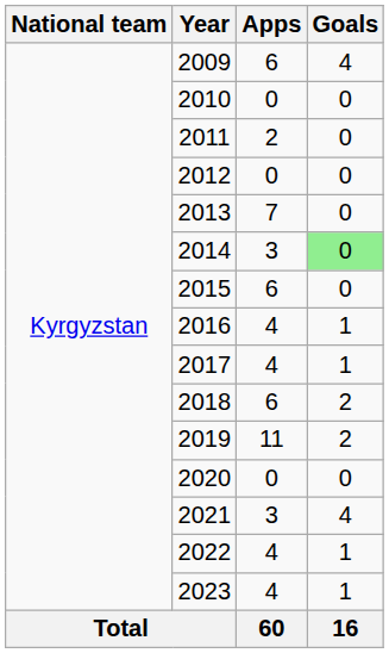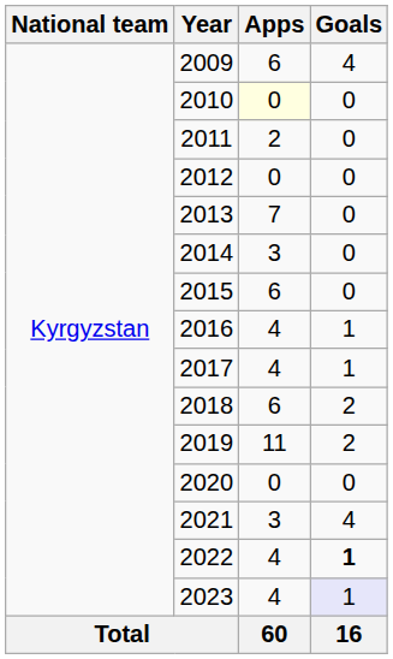 <table class="wikitable" style="text-align:center">
 <tr>
 <th>National team</th>
 <th>Year</th>
 <th>Apps</th>
 <th>Goals</th>
 </tr>
 <tr>
 <td rowspan="15"><a href='#'>Kyrgyzstan</a></td>
 <td>2009</td>
 <td>6</td>
 <td>4</td>
 </tr>
 <tr>
 <td>2010</td>
-<td>0</td>
+<td style="background: lightyellow;">0</td>
 <td>0</td>
 </tr>
 <tr>
 <td>2011</td>
 <td>2</td>
 <td>0</td>
 </tr>
 <tr>
 <td>2012</td>
 <td>0</td>
 <td>0</td>
 </tr>
 <tr>
 <td>2013</td>
 <td>7</td>
 <td>0</td>
 </tr>
 <tr>
 <td>2014</td>
 <td>3</td>
-<td style="background: lightgreen;">0</td>
+<td>0</td>
 </tr>
 <tr>
 <td>2015</td>
 <td>6</td>
 <td>0</td>
 </tr>
 <tr>
 <td>2016</td>
 <td>4</td>
 <td>1</td>
 </tr>
 <tr>
 <td>2017</td>
 <td>4</td>
 <td>1</td>
 </tr>
 <tr>
 <td>2018</td>
 <td>6</td>
 <td>2</td>
 </tr>
 <tr>
 <td>2019</td>
 <td>11</td>
 <td>2</td>
 </tr>
 <tr>
 <td>2020</td>
 <td>0</td>
 <td>0</td>
 </tr>
 <tr>
 <td>2021</td>
 <td>3</td>
 <td>4</td>
 </tr>
 <tr>
 <td>2022</td>
 <td>4</td>
-<td>1</td>
+<td><strong>1</strong></td>
 </tr>
 <tr>
 <td>2023</td>
 <td>4</td>
-<td>1</td>
+<td style="background: lavender;">1</td>
 </tr>
 <tr>
 <th colspan="2">Total</th>
 <th>60</th>
 <th>16</th>
 </tr>
 </table>
